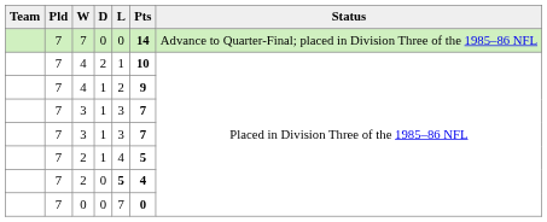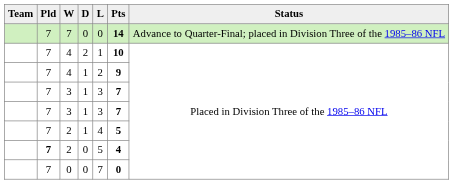 <table style=border-collapse:collapse border=1 cellspacing=0 cellpadding=5>
 <tr align=center bgcolor=#efefef>
 <th>Team</th>
 <th>Pld</th>
 <th>W</th>
 <th>D</th>
 <th>L</th>
 <th>Pts</th>
 <th>Status</th>
 </tr>
 <tr align=center style="background:#D0F0C0;">
 <td style="text-align:left;"> </td>
 <td>7</td>
 <td>7</td>
 <td>0</td>
 <td>0</td>
 <td><strong>14</strong></td>
 <td rowspan=1>Advance to Quarter-Final; placed in Division Three of the <a href='#'>1985–86 NFL</a></td>
 </tr>
 <tr align=center style="background:#FFFFFF;">
 <td style="text-align:left;"> </td>
 <td>7</td>
 <td>4</td>
 <td>2</td>
 <td>1</td>
 <td><strong>10</strong></td>
 <td rowspan=7>Placed in Division Three of the <a href='#'>1985–86 NFL</a></td>
 </tr>
 <tr align=center style="background:#FFFFFF;">
 <td style="text-align:left;"> </td>
 <td>7</td>
 <td>4</td>
 <td>1</td>
 <td>2</td>
 <td><strong>9</strong></td>
 </tr>
 <tr align=center style="background:#FFFFFF;">
 <td style="text-align:left;"> </td>
 <td>7</td>
 <td>3</td>
 <td>1</td>
 <td>3</td>
 <td><strong>7</strong></td>
 </tr>
 <tr align=center style="background:#FFFFFF;">
 <td style="text-align:left;"> </td>
 <td>7</td>
 <td>3</td>
 <td>1</td>
 <td>3</td>
 <td><strong>7</strong></td>
 </tr>
 <tr align=center style="background:#FFFFFF;">
 <td style="text-align:left;"> </td>
 <td>7</td>
 <td>2</td>
 <td>1</td>
 <td>4</td>
 <td><strong>5</strong></td>
 </tr>
 <tr align=center style="background:#FFFFFF;">
 <td style="text-align:left;"> </td>
-<td>7</td>
+<td><strong>7</strong></td>
 <td>2</td>
 <td>0</td>
-<td><strong>5</strong></td>
+<td>5</td>
 <td><strong>4</strong></td>
 </tr>
 <tr align=center style="background:#FFFFFF;">
 <td style="text-align:left;"> </td>
 <td>7</td>
 <td>0</td>
 <td>0</td>
 <td>7</td>
 <td><strong>0</strong></td>
 </tr>
 </table>
